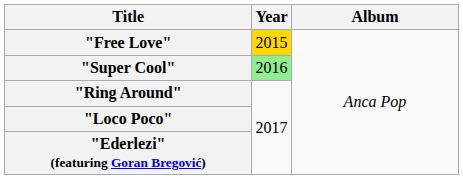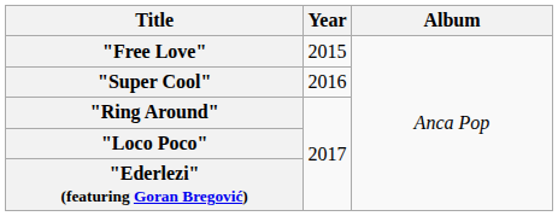 <table class="wikitable plainrowheaders" style="text-align:center;">
 <tr>
 <th scope="col" style="width:15em;">Title</th>
 <th scope="col" style="width:2em;">Year</th>
 <th scope="col" style="width:10em;">Album</th>
 </tr>
 <tr>
 <th scope="row">"Free Love"</th>
-<td rowspan="1" style="background: gold;">2015</td>
+<td rowspan="1">2015</td>
 <td rowspan="5"><em>Anca Pop</em></td>
 </tr>
 <tr>
 <th scope="row">"Super Cool"</th>
-<td rowspan="1" style="background: lightgreen;">2016</td>
+<td rowspan="1">2016</td>
 </tr>
 <tr>
 <th scope="row">"Ring Around"</th>
 <td rowspan="3">2017</td>
 </tr>
 <tr>
 <th scope="row">"Loco Poco"</th>
 </tr>
 <tr>
 <th scope="row">"Ederlezi"<br><small>(featuring <a href='#'>Goran Bregović</a>)</small></th>
 </tr>
 </table>
